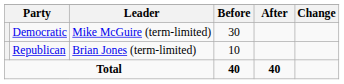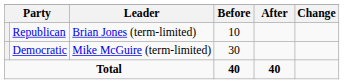 <table class="wikitable" style="text-align:center;">
 <tr>
 </tr>
 <tr>
 <th colspan=2>Party</th>
 <th>Leader</th>
 <th style="width:3em">Before</th>
 <th style="width:3em">After</th>
 <th style="width:3em">Change</th>
 </tr>
 <tr>
 <th style="background-color:"></th>
-<td style="text-align:left;"><a href='#'>Democratic</a></td>
-<td style="text-align:left;"><a href='#'>Mike McGuire</a> (term-limited)</td>
-<td>30</td>
+<td style="text-align:left;"><a href='#'>Republican</a></td>
+<td style="text-align:left;"><a href='#'>Brian Jones</a> (term-limited)</td>
+<td>10</td>
 <td></td>
 <td></td>
 </tr>
 <tr>
 <th style="background-color:"></th>
-<td style="text-align:left;"><a href='#'>Republican</a></td>
-<td style="text-align:left;"><a href='#'>Brian Jones</a> (term-limited)</td>
-<td>10</td>
+<td style="text-align:left;"><a href='#'>Democratic</a></td>
+<td style="text-align:left;"><a href='#'>Mike McGuire</a> (term-limited)</td>
+<td>30</td>
 <td></td>
 <td></td>
 </tr>
 <tr>
 <td colspan=3><strong>Total</strong></td>
 <td><strong>40</strong></td>
 <td><strong>40</strong></td>
 <td></td>
 </tr>
 </table>
